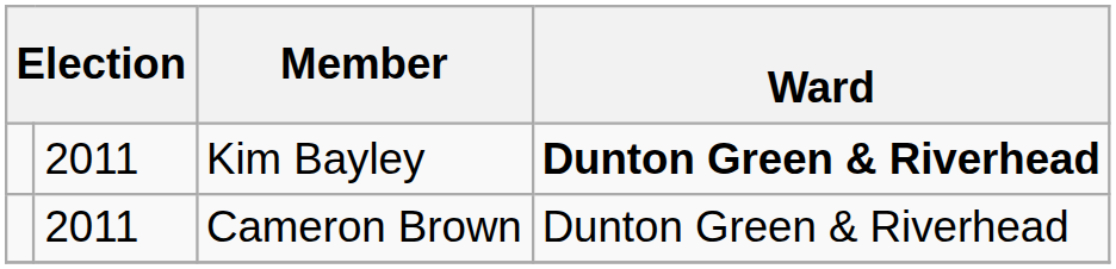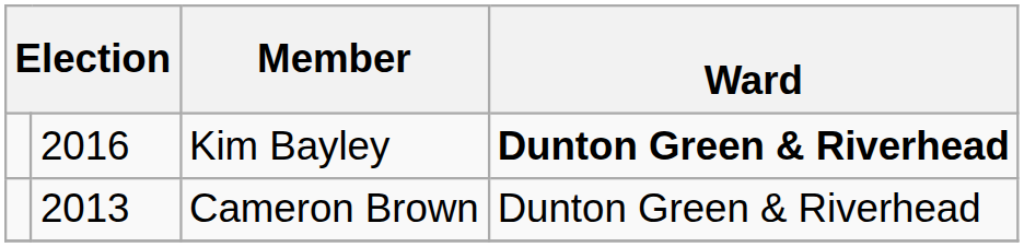 <table class="wikitable">
 <tr>
 <th colspan="2">Election</th>
 <th>Member</th>
 <th><br>Ward</th>
 </tr>
 <tr>
 <td style="background-color: "></td>
-<td>2011</td>
+<td>2016</td>
 <td>Kim Bayley</td>
 <td><strong>Dunton Green & Riverhead</strong></td>
 </tr>
 <tr>
 <td style="background-color: "></td>
-<td>2011</td>
+<td>2013</td>
 <td>Cameron Brown</td>
 <td>Dunton Green & Riverhead</td>
 </tr>
 <tr>
 </tr>
 </table>
